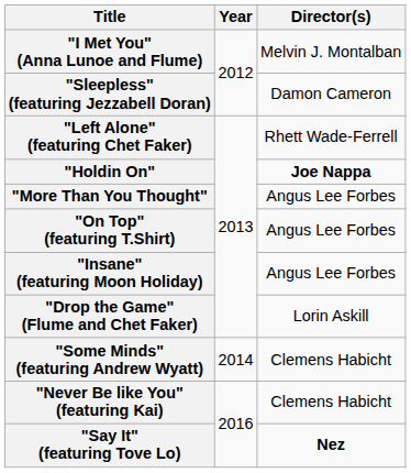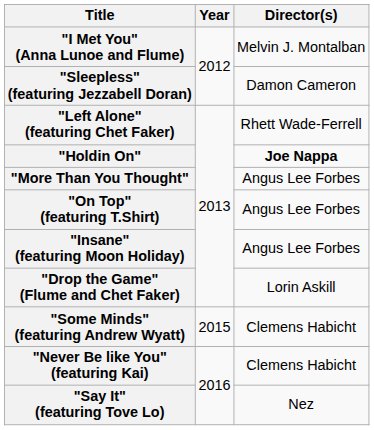 <table class="wikitable plainrowheaders" style="text-align:center;">
 <tr>
 <th scope="col">Title</th>
 <th scope="col">Year</th>
 <th scope="col">Director(s)</th>
 </tr>
 <tr>
 <th scope="row">"I Met You"<br><span>(Anna Lunoe and Flume)</span></th>
 <td rowspan="2">2012</td>
 <td>Melvin J. Montalban</td>
 </tr>
 <tr>
 <th scope="row">"Sleepless"<br><span>(featuring Jezzabell Doran)</span></th>
 <td>Damon Cameron</td>
 </tr>
 <tr>
 <th scope="row">"Left Alone"<br><span>(featuring Chet Faker)</span></th>
 <td rowspan="6">2013</td>
 <td>Rhett Wade-Ferrell</td>
 </tr>
 <tr>
 <th scope="row">"Holdin On"</th>
 <td><strong>Joe Nappa</strong></td>
 </tr>
 <tr>
 <th scope="row">"More Than You Thought"</th>
 <td>Angus Lee Forbes</td>
 </tr>
 <tr>
 <th scope="row">"On Top"<br><span>(featuring T.Shirt)</span></th>
 <td>Angus Lee Forbes</td>
 </tr>
 <tr>
 <th scope="row">"Insane"<br><span>(featuring Moon Holiday)</span></th>
 <td>Angus Lee Forbes</td>
 </tr>
 <tr>
 <th scope="row">"Drop the Game"<br><span>(Flume and Chet Faker)</span></th>
 <td>Lorin Askill</td>
 </tr>
 <tr>
 <th scope="row">"Some Minds"<br><span>(featuring Andrew Wyatt)</span></th>
-<td>2014</td>
+<td>2015</td>
 <td>Clemens Habicht</td>
 </tr>
 <tr>
 <th scope="row">"Never Be like You"<br><span>(featuring Kai)</span></th>
 <td rowspan="2">2016</td>
 <td>Clemens Habicht</td>
 </tr>
 <tr>
 <th scope="row">"Say It"<br><span>(featuring Tove Lo)</span></th>
-<td><strong>Nez</strong></td>
+<td>Nez</td>
 </tr>
 </table>
